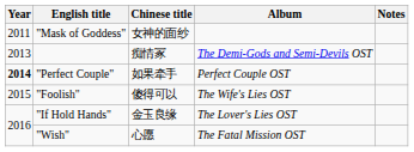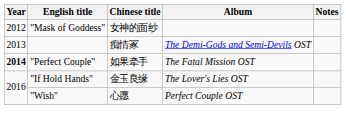 <table class="wikitable">
 <tr>
 <th width=10>Year</th>
 <th>English title</th>
 <th>Chinese title</th>
 <th>Album</th>
 <th>Notes</th>
 </tr>
 <tr>
-<td>2011</td>
+<td>2012</td>
 <td>"Mask of Goddess"</td>
 <td>女神的面纱</td>
 <td></td>
 <td></td>
 </tr>
 <tr>
 <td>2013</td>
 <td></td>
 <td>痴情冢</td>
 <td><em><a href='#'>The Demi-Gods and Semi-Devils</a> OST</em></td>
 <td></td>
 </tr>
 <tr>
 <td><strong>2014</strong></td>
 <td>"Perfect Couple"</td>
 <td>如果牵手</td>
-<td><em>Perfect Couple OST</em></td>
-<td></td>
-</tr>
-<tr>
-<td>2015</td>
-<td>"Foolish"</td>
-<td>傻得可以</td>
-<td><em>The Wife's Lies OST</em></td>
+<td><em>The Fatal Mission OST</em></td>
 <td></td>
 </tr>
 <tr>
 <td rowspan=2>2016</td>
 <td>"If Hold Hands"</td>
 <td>金玉良缘</td>
 <td><em>The Lover's Lies OST</em></td>
 <td></td>
 </tr>
 <tr>
 <td>"Wish"</td>
 <td>心愿</td>
-<td><em>The Fatal Mission OST</em></td>
+<td><em>Perfect Couple OST</em></td>
 <td></td>
 </tr>
 </table>
